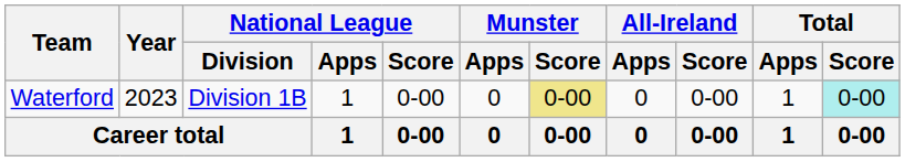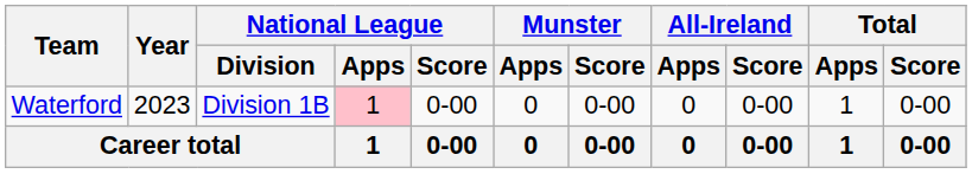 <table class="wikitable" style="text-align:center">
 <tr>
 <th rowspan="2">Team</th>
 <th rowspan="2">Year</th>
 <th colspan="3"><a href='#'>National League</a></th>
 <th colspan="2"><a href='#'>Munster</a></th>
 <th colspan="2"><a href='#'>All-Ireland</a></th>
 <th colspan="2">Total</th>
 </tr>
 <tr>
 <th>Division</th>
 <th>Apps</th>
 <th>Score</th>
 <th>Apps</th>
 <th>Score</th>
 <th>Apps</th>
 <th>Score</th>
 <th>Apps</th>
 <th>Score</th>
 </tr>
 <tr>
 <td rowspan="1"><a href='#'>Waterford</a></td>
 <td>2023</td>
 <td rowspan="1"><a href='#'>Division 1B</a></td>
-<td>1</td>
+<td style="background: pink;">1</td>
 <td>0-00</td>
 <td>0</td>
-<td style="background: khaki;">0-00</td>
+<td>0-00</td>
 <td>0</td>
 <td>0-00</td>
 <td>1</td>
-<td style="background: paleturquoise;">0-00</td>
+<td>0-00</td>
 </tr>
 <tr>
 <th colspan="3">Career total</th>
 <th>1</th>
 <th>0-00</th>
 <th>0</th>
 <th>0-00</th>
 <th>0</th>
 <th>0-00</th>
 <th>1</th>
 <th>0-00</th>
 </tr>
 </table>
